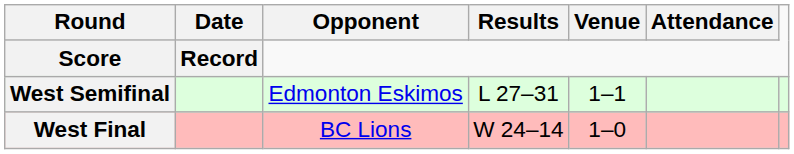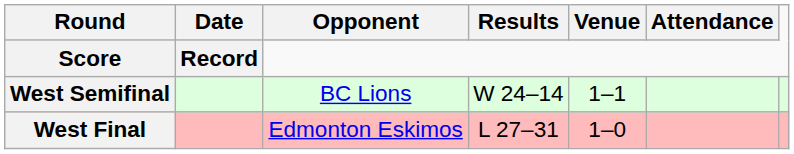 <table class="wikitable" style="text-align:center">
 <tr>
 <th>Round</th>
 <th>Date</th>
 <th>Opponent</th>
 <th>Results</th>
 <th>Venue</th>
 <th>Attendance</th>
 </tr>
 <tr>
 <th>Score</th>
 <th>Record</th>
 </tr>
 <tr style="background:#ddffdd">
 <th>West Semifinal</th>
 <td></td>
-<td><a href='#'>Edmonton Eskimos</a></td>
-<td>L 27–31</td>
+<td><a href='#'>BC Lions</a></td>
+<td>W 24–14</td>
 <td>1–1</td>
 <td></td>
 <td></td>
 </tr>
 <tr style="background:#ffbbbb">
 <th>West Final</th>
 <td></td>
-<td><a href='#'>BC Lions</a></td>
-<td>W 24–14</td>
+<td><a href='#'>Edmonton Eskimos</a></td>
+<td>L 27–31</td>
 <td>1–0</td>
 <td></td>
 <td></td>
 </tr>
 </table>
